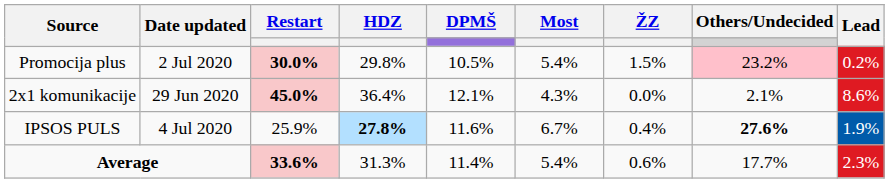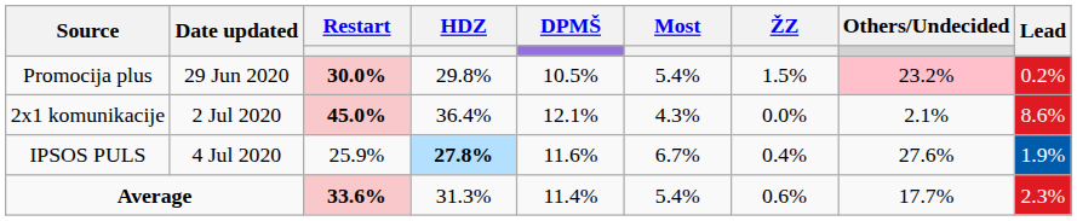 <table class="wikitable" style="text-align:center;font-size:90%;line-height:20px">
 <tr>
 <th rowspan=2>Source</th>
 <th rowspan=2>Date updated</th>
 <th style="width:65px;"><a href='#'>Restart</a></th>
 <th style="width:65px;"><a href='#'>HDZ</a></th>
 <th style="width:65px;"><a href='#'>DPMŠ</a></th>
 <th style="width:65px;"><a href='#'>Most</a></th>
 <th style="width:65px;"><a href='#'>ŽZ</a></th>
 <th style="width:65px;">Others/Undecided</th>
 <th style="width:30px;" rowspan="2">Lead</th>
 </tr>
 <tr>
 <th style="color:inherit;background:"></th>
 <th style="color:inherit;background:"></th>
 <th style="color:inherit;background:#9370db;"></th>
 <th style="color:inherit;background:"></th>
 <th style="color:inherit;background:"></th>
 <th style="color:inherit;background:LightGrey;"></th>
 </tr>
 <tr>
 <td>Promocija plus</td>
-<td>2 Jul 2020</td>
+<td>29 Jun 2020</td>
 <td style="background:#F9C8CA"><strong>30.0%</strong></td>
 <td>29.8%</td>
 <td>10.5%</td>
 <td>5.4%</td>
 <td>1.5%</td>
 <td style="background: pink;">23.2%</td>
 <td style="background:#DF1A22; color:white;">0.2%</td>
 </tr>
 <tr>
 <td>2x1 komunikacije</td>
-<td>29 Jun 2020</td>
+<td>2 Jul 2020</td>
 <td style="background:#F9C8CA"><strong>45.0%</strong></td>
 <td>36.4%</td>
 <td>12.1%</td>
 <td>4.3%</td>
 <td>0.0%</td>
 <td>2.1%</td>
 <td style="background:#DF1A22; color:white;">8.6%</td>
 </tr>
 <tr>
 <td>IPSOS PULS</td>
 <td>4 Jul 2020</td>
 <td>25.9%</td>
 <td style="background:#B3E0FF"><strong>27.8%</strong></td>
 <td>11.6%</td>
 <td>6.7%</td>
 <td>0.4%</td>
-<td><strong>27.6%</strong></td>
+<td>27.6%</td>
 <td style="background:#005BAA; color: white">1.9%</td>
 </tr>
 <tr>
 <td colspan="2"><strong>Average</strong></td>
 <td style="background:#F9C8CA"><strong>33.6%</strong></td>
 <td>31.3%</td>
 <td>11.4%</td>
 <td>5.4%</td>
 <td>0.6%</td>
 <td>17.7%</td>
 <td style="background:#DF1A22; color:white;">2.3%</td>
 </tr>
 </table>
